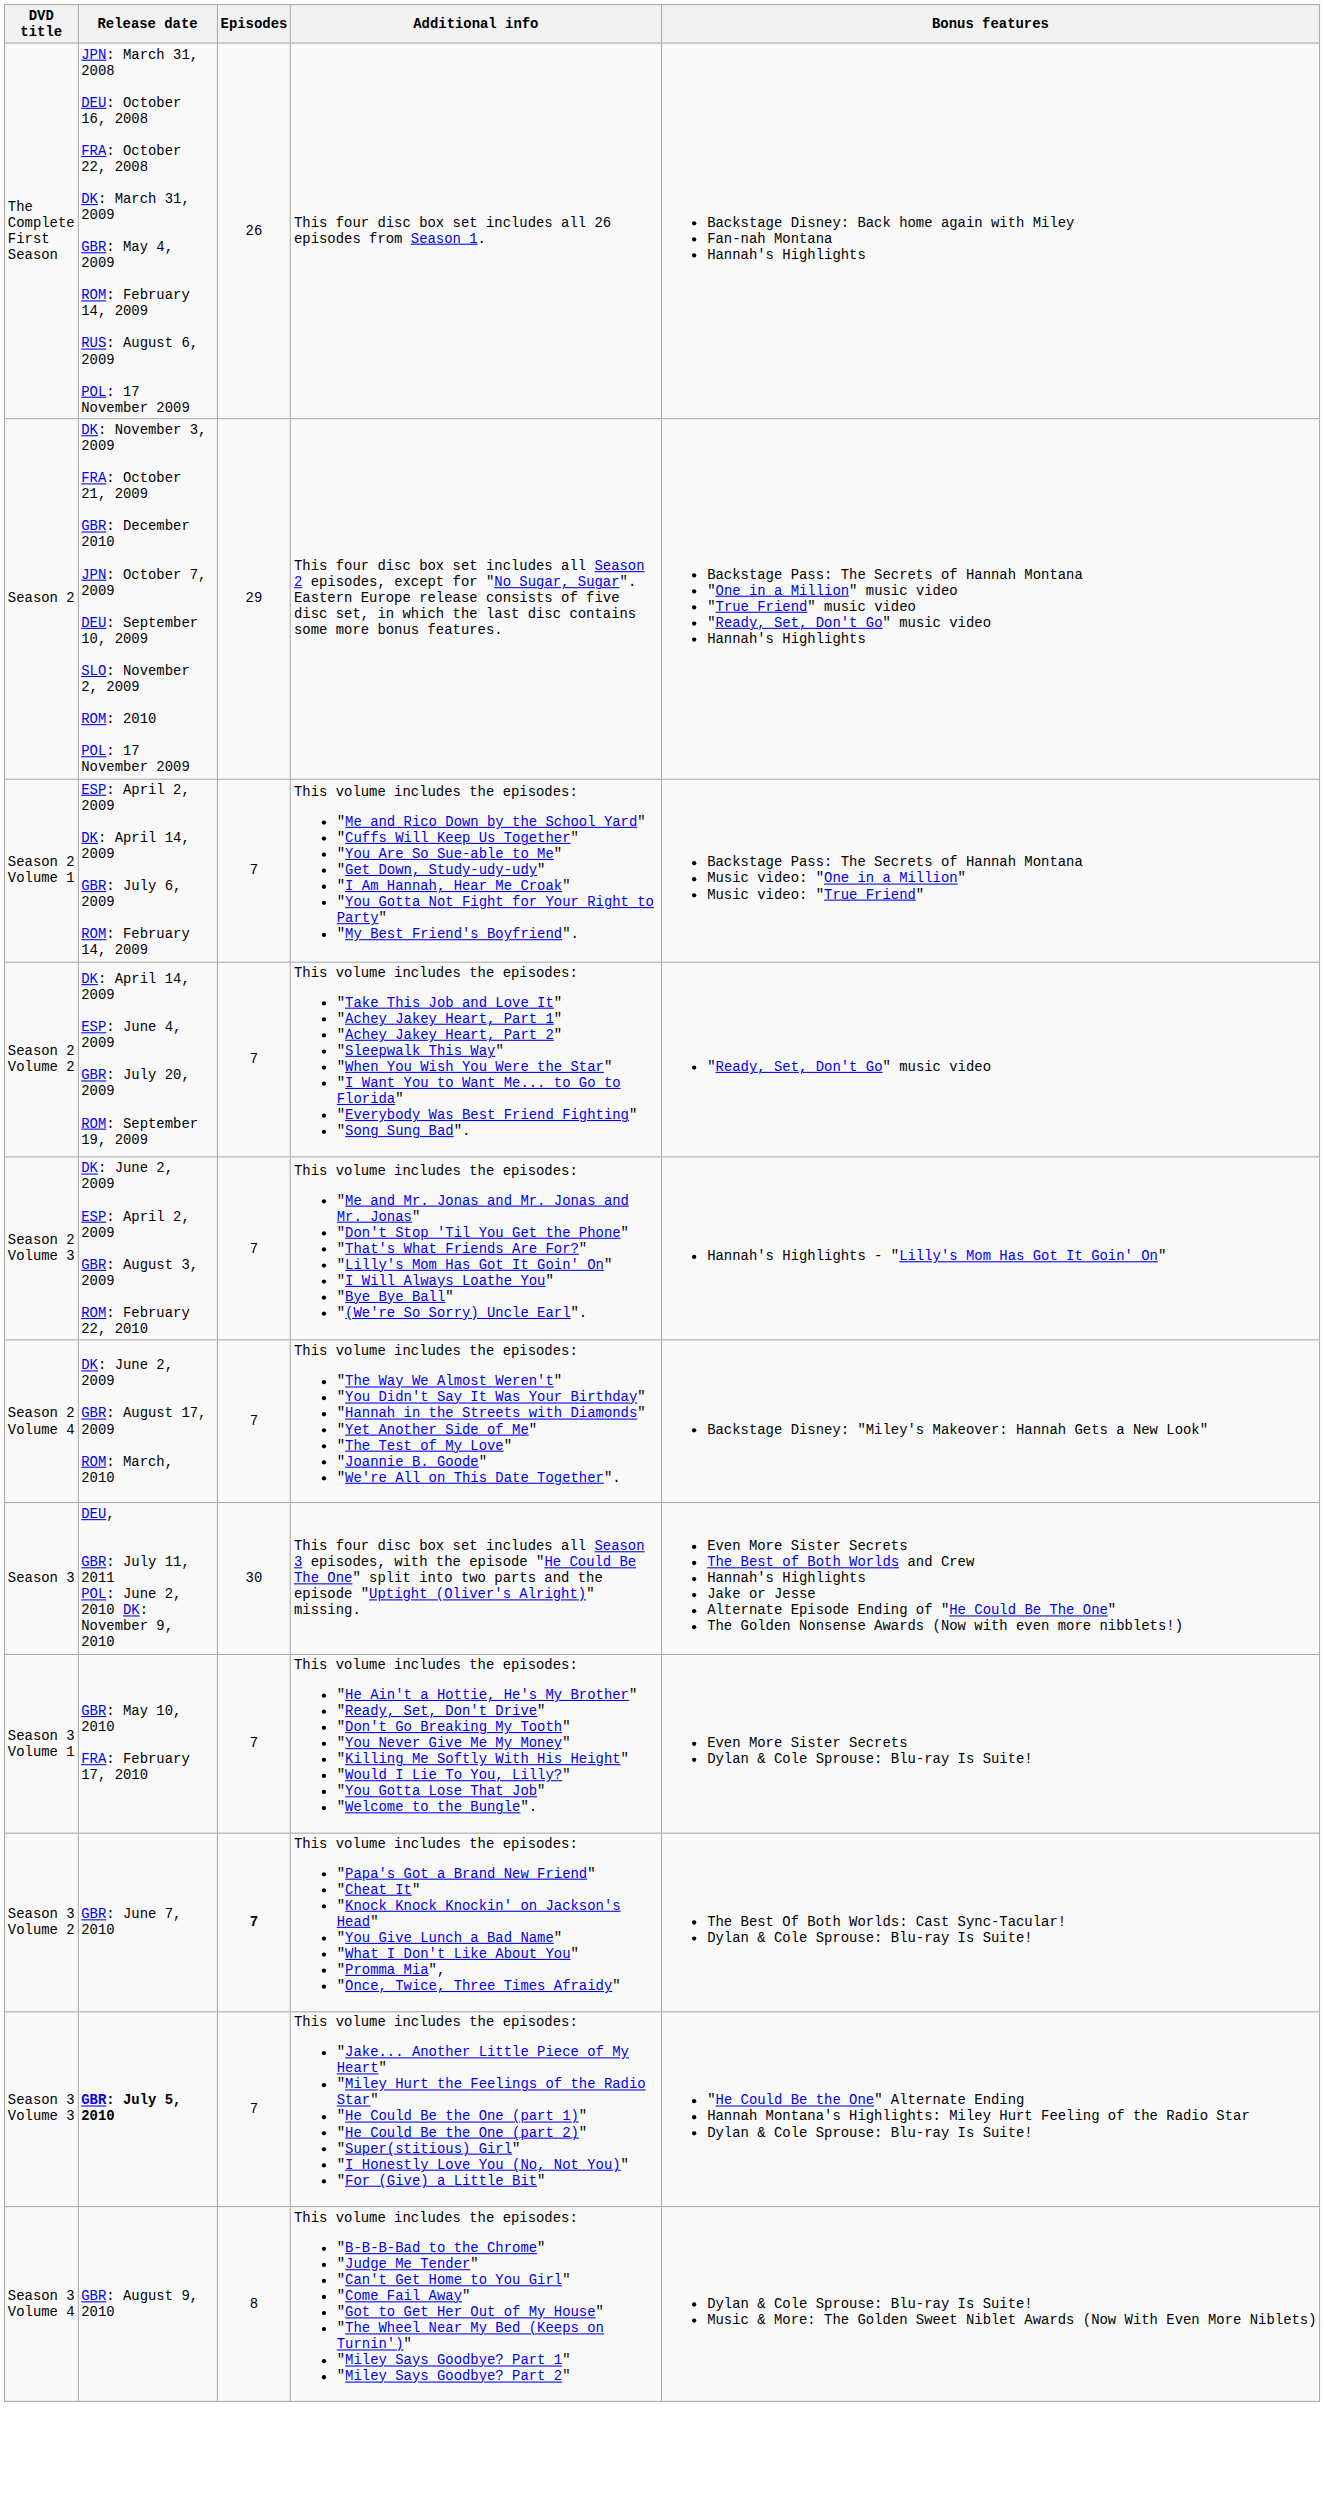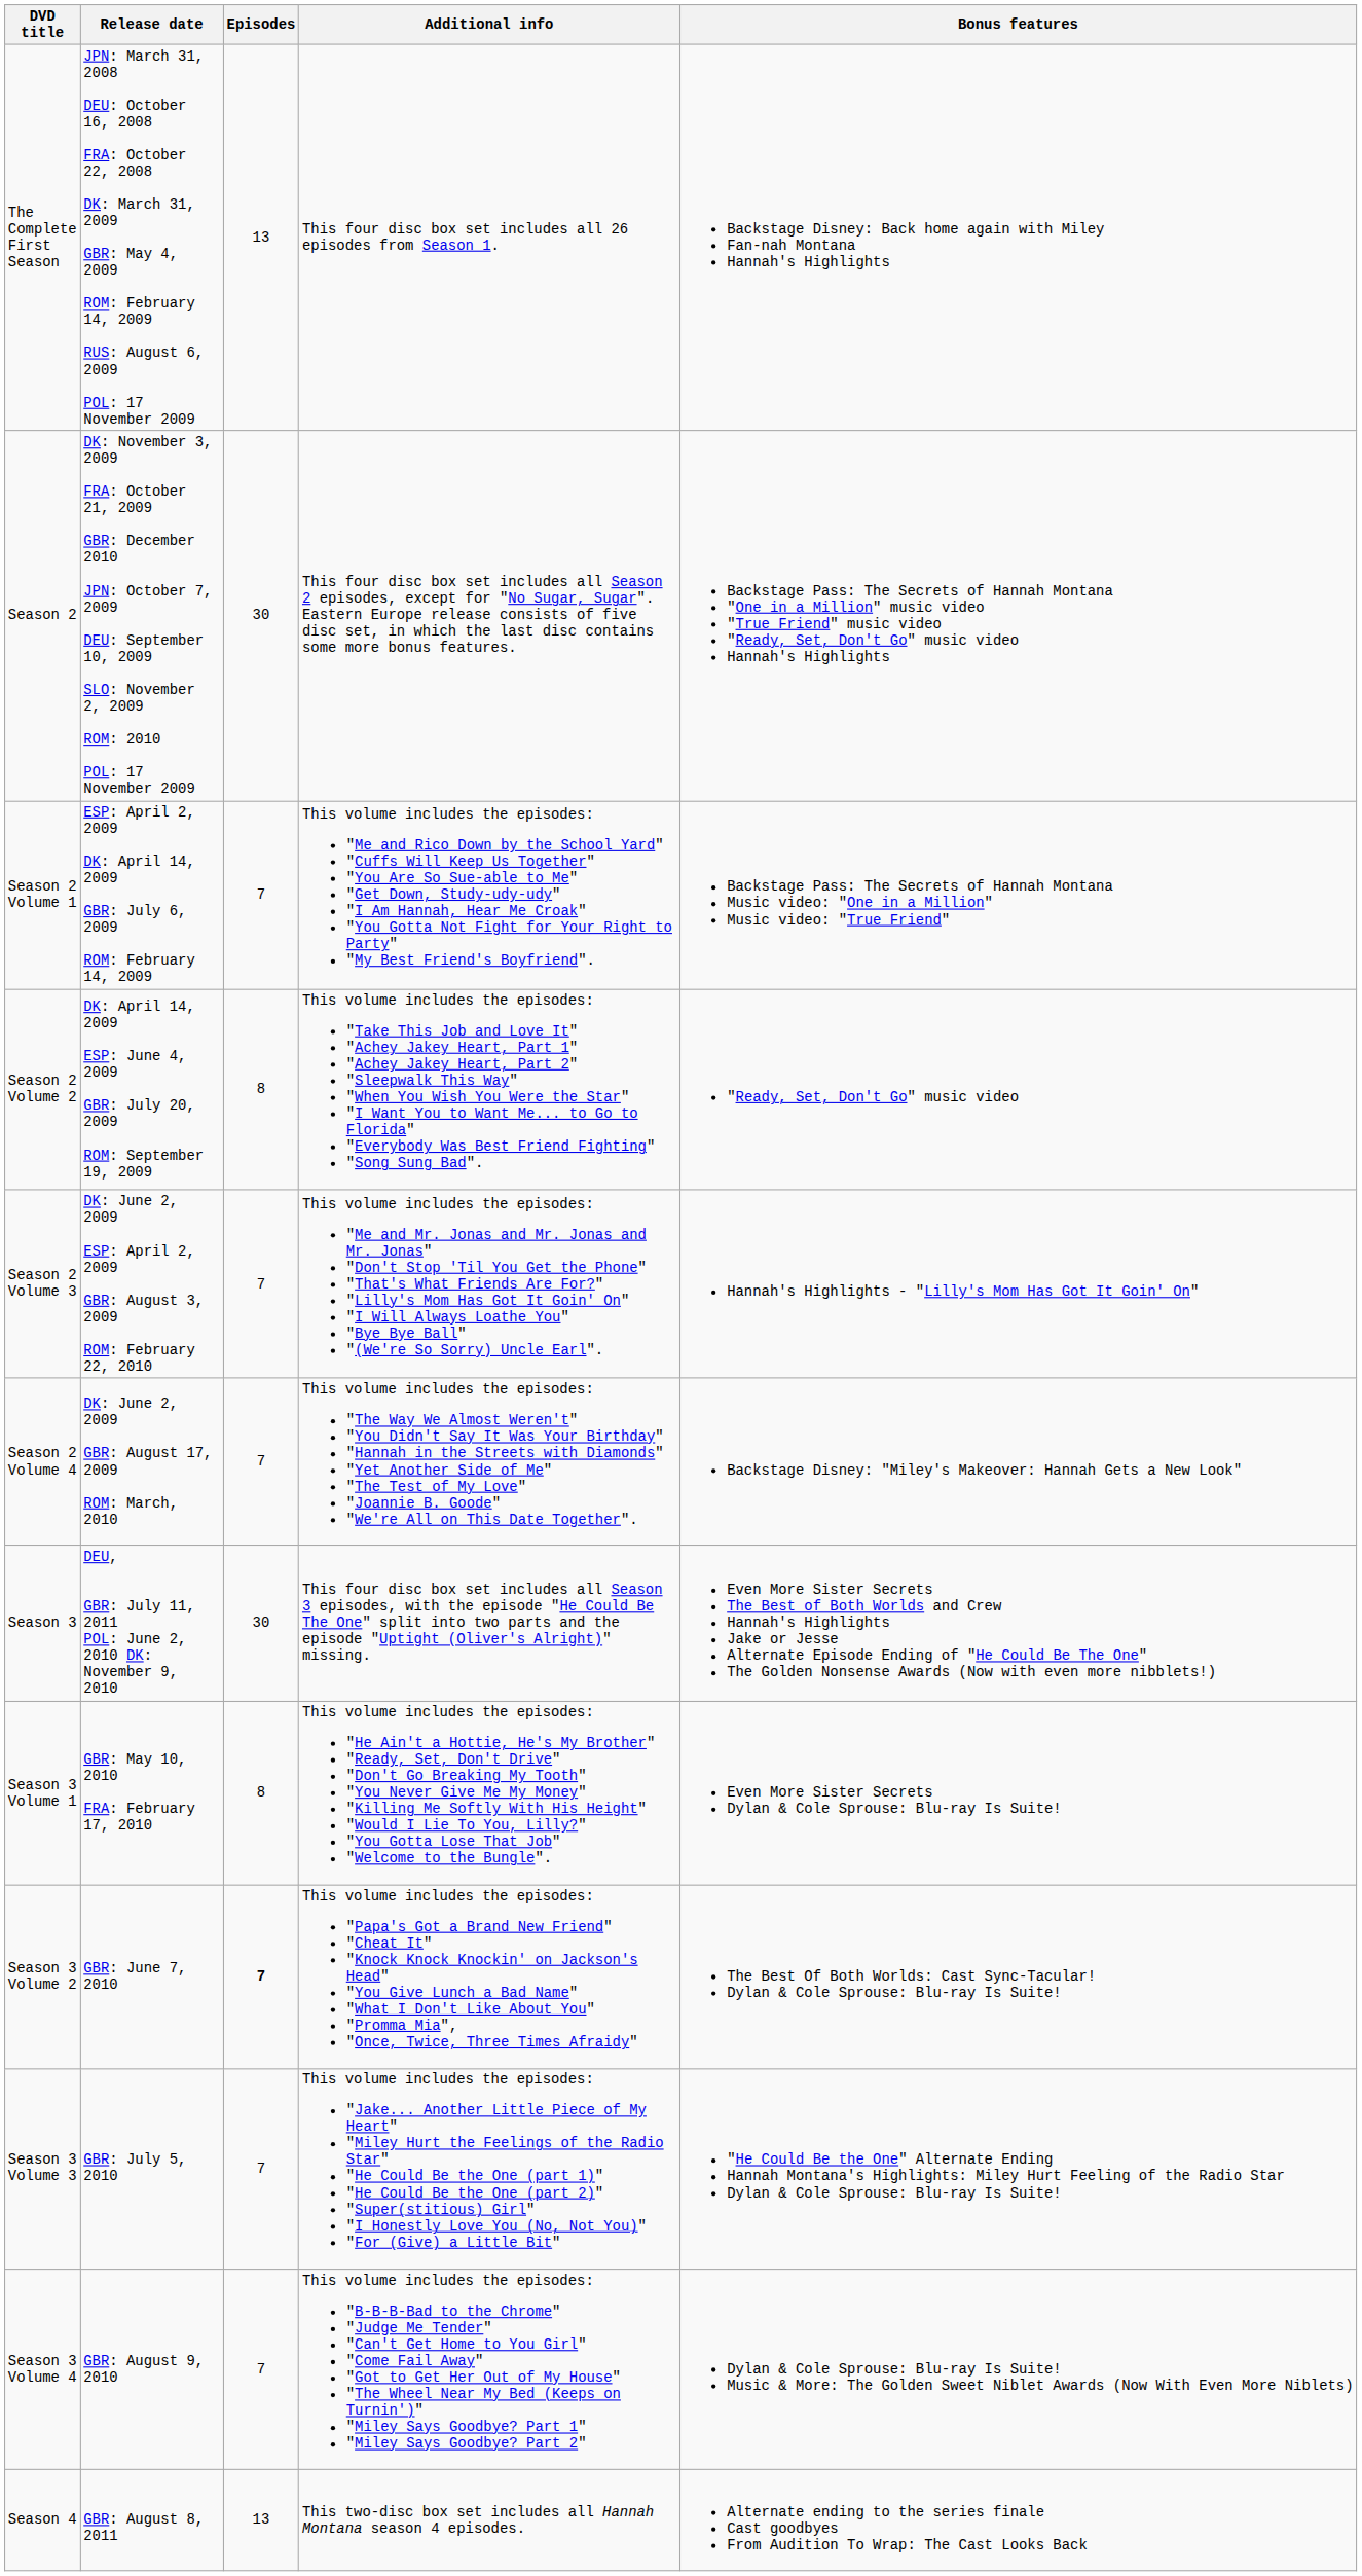 <table class="wikitable">
 <tr>
 <th style="width:60px">DVD title</th>
 <th style="width:124px">Release date</th>
 <th>Episodes</th>
 <th style="width:340px">Additional info</th>
 <th>Bonus features</th>
 </tr>
 <tr>
 <td>The Complete First Season</td>
 <td><a href='#'>JPN</a>: March 31, 2008<br><br><a href='#'>DEU</a>: October 16, 2008<br><br><a href='#'>FRA</a>: October 22, 2008<br><br><a href='#'>DK</a>: March 31, 2009<br><br><a href='#'>GBR</a>: May 4, 2009<br><br><a href='#'>ROM</a>: February 14, 2009<br><br><a href='#'>RUS</a>: August 6, 2009<br><br><a href='#'>POL</a>: 17 November 2009</td>
-<td style="text-align:center;">26</td>
+<td style="text-align:center;">13</td>
 <td>This four disc box set includes all 26 episodes from <a href='#'>Season 1</a>.</td>
 <td><br><ul><li>Backstage Disney: Back home again with Miley</li><li>Fan-nah Montana</li><li>Hannah's Highlights</li></ul></td>
 </tr>
 <tr>
 <td>Season 2</td>
 <td><a href='#'>DK</a>: November 3, 2009<br><br><a href='#'>FRA</a>: October 21, 2009<br><br><a href='#'>GBR</a>: December 2010<br><br><a href='#'>JPN</a>: October 7, 2009<br><br><a href='#'>DEU</a>: September 10, 2009<br><br><a href='#'>SLO</a>: November 2, 2009<br><br><a href='#'>ROM</a>: 2010<br><br><a href='#'>POL</a>: 17 November 2009</td>
-<td style="text-align:center;">29</td>
+<td style="text-align:center;">30</td>
 <td>This four disc box set includes all <a href='#'>Season 2</a> episodes, except for "<a href='#'>No Sugar, Sugar</a>". Eastern Europe release consists of five disc set, in which the last disc contains some more bonus features.</td>
 <td><br><ul><li>Backstage Pass: The Secrets of Hannah Montana</li><li>"<a href='#'>One in a Million</a>" music video</li><li>"<a href='#'>True Friend</a>" music video</li><li>"<a href='#'>Ready, Set, Don't Go</a>" music video</li><li>Hannah's Highlights</li></ul></td>
 </tr>
 <tr>
 <td>Season 2 Volume 1</td>
 <td><a href='#'>ESP</a>: April 2, 2009<br><br><a href='#'>DK</a>: April 14, 2009<br><br><a href='#'>GBR</a>: July 6, 2009<br><br><a href='#'>ROM</a>: February 14, 2009</td>
 <td style="text-align:center;">7</td>
 <td>This volume includes the episodes:<br><ul><li>"<a href='#'>Me and Rico Down by the School Yard</a>"</li><li>"<a href='#'>Cuffs Will Keep Us Together</a>"</li><li>"<a href='#'>You Are So Sue-able to Me</a>"</li><li>"<a href='#'>Get Down, Study-udy-udy</a>"</li><li>"<a href='#'>I Am Hannah, Hear Me Croak</a>"</li><li>"<a href='#'>You Gotta Not Fight for Your Right to Party</a>"</li><li>"<a href='#'>My Best Friend's Boyfriend</a>".</li></ul></td>
 <td><br><ul><li>Backstage Pass: The Secrets of Hannah Montana</li><li>Music video: "<a href='#'>One in a Million</a>"</li><li>Music video: "<a href='#'>True Friend</a>"</li></ul></td>
 </tr>
 <tr>
 <td>Season 2 Volume 2</td>
 <td><a href='#'>DK</a>: April 14, 2009<br><br><a href='#'>ESP</a>: June 4, 2009<br><br><a href='#'>GBR</a>: July 20, 2009<br><br><a href='#'>ROM</a>: September 19, 2009</td>
-<td style="text-align:center;">7</td>
+<td style="text-align:center;">8</td>
 <td>This volume includes the episodes:<br><ul><li>"<a href='#'>Take This Job and Love It</a>"</li><li>"<a href='#'>Achey Jakey Heart, Part 1</a>"</li><li>"<a href='#'>Achey Jakey Heart, Part 2</a>"</li><li>"<a href='#'>Sleepwalk This Way</a>"</li><li>"<a href='#'>When You Wish You Were the Star</a>"</li><li>"<a href='#'>I Want You to Want Me... to Go to Florida</a>"</li><li>"<a href='#'>Everybody Was Best Friend Fighting</a>"</li><li>"<a href='#'>Song Sung Bad</a>".</li></ul></td>
 <td><br><ul><li>"<a href='#'>Ready, Set, Don't Go</a>" music video</li></ul></td>
 </tr>
 <tr>
 <td>Season 2 Volume 3</td>
 <td><a href='#'>DK</a>: June 2, 2009<br><br><a href='#'>ESP</a>: April 2, 2009<br><br><a href='#'>GBR</a>: August 3, 2009<br><br><a href='#'>ROM</a>: February 22, 2010</td>
 <td style="text-align:center;">7</td>
 <td>This volume includes the episodes:<br><ul><li>"<a href='#'>Me and Mr. Jonas and Mr. Jonas and Mr. Jonas</a>"</li><li>"<a href='#'>Don't Stop 'Til You Get the Phone</a>"</li><li>"<a href='#'>That's What Friends Are For?</a>"</li><li>"<a href='#'>Lilly's Mom Has Got It Goin' On</a>"</li><li>"<a href='#'>I Will Always Loathe You</a>"</li><li>"<a href='#'>Bye Bye Ball</a>"</li><li>"<a href='#'>(We're So Sorry) Uncle Earl</a>".</li></ul></td>
 <td><br><ul><li>Hannah's Highlights - "<a href='#'>Lilly's Mom Has Got It Goin' On</a>"</li></ul></td>
 </tr>
 <tr>
 <td>Season 2 Volume 4</td>
 <td><a href='#'>DK</a>: June 2, 2009<br><br><a href='#'>GBR</a>: August 17, 2009<br><br><a href='#'>ROM</a>: March, 2010</td>
 <td style="text-align:center;">7</td>
 <td>This volume includes the episodes:<br><ul><li>"<a href='#'>The Way We Almost Weren't</a>"</li><li>"<a href='#'>You Didn't Say It Was Your Birthday</a>"</li><li>"<a href='#'>Hannah in the Streets with Diamonds</a>"</li><li>"<a href='#'>Yet Another Side of Me</a>"</li><li>"<a href='#'>The Test of My Love</a>"</li><li>"<a href='#'>Joannie B. Goode</a>"</li><li>"<a href='#'>We're All on This Date Together</a>".</li></ul></td>
 <td><br><ul><li>Backstage Disney: "Miley's Makeover: Hannah Gets a New Look"</li></ul></td>
 </tr>
 <tr>
 <td>Season 3</td>
 <td><a href='#'>DEU</a>,<br><br><br><a href='#'>GBR</a>: July 11, 2011<br><a href='#'>POL</a>: June 2, 2010 <a href='#'>DK</a>: November 9, 2010</td>
 <td style="text-align:center;">30</td>
 <td>This four disc box set includes all <a href='#'>Season 3</a> episodes, with the episode "<a href='#'>He Could Be The One</a>" split into two parts and the episode "<a href='#'>Uptight (Oliver's Alright)</a>" missing.</td>
 <td><br><ul><li>Even More Sister Secrets</li><li><a href='#'>The Best of Both Worlds</a> and Crew</li><li>Hannah's Highlights</li><li>Jake or Jesse</li><li>Alternate Episode Ending of "<a href='#'>He Could Be The One</a>"</li><li>The Golden Nonsense Awards (Now with even more nibblets!)</li></ul></td>
 </tr>
 <tr>
 <td>Season 3 Volume 1</td>
 <td><a href='#'>GBR</a>: May 10, 2010<br><br><a href='#'>FRA</a>: February 17, 2010</td>
-<td style="text-align:center;">7</td>
+<td style="text-align:center;">8</td>
 <td>This volume includes the episodes:<br><ul><li>"<a href='#'>He Ain't a Hottie, He's My Brother</a>"</li><li>"<a href='#'>Ready, Set, Don't Drive</a>"</li><li>"<a href='#'>Don't Go Breaking My Tooth</a>"</li><li>"<a href='#'>You Never Give Me My Money</a>"</li><li>"<a href='#'>Killing Me Softly With His Height</a>"</li><li>"<a href='#'>Would I Lie To You, Lilly?</a>"</li><li>"<a href='#'>You Gotta Lose That Job</a>"</li><li>"<a href='#'>Welcome to the Bungle</a>".</li></ul></td>
 <td><br><ul><li>Even More Sister Secrets</li><li>Dylan & Cole Sprouse: Blu-ray Is Suite!</li></ul></td>
 </tr>
 <tr>
 <td>Season 3 Volume 2</td>
 <td><a href='#'>GBR</a>: June 7, 2010</td>
 <td style="text-align:center;"><strong>7</strong></td>
 <td>This volume includes the episodes:<br><ul><li>"<a href='#'>Papa's Got a Brand New Friend</a>"</li><li>"<a href='#'>Cheat It</a>"</li><li>"<a href='#'>Knock Knock Knockin' on Jackson's Head</a>"</li><li>"<a href='#'>You Give Lunch a Bad Name</a>"</li><li>"<a href='#'>What I Don't Like About You</a>"</li><li>"<a href='#'>Promma Mia</a>",</li><li>"<a href='#'>Once, Twice, Three Times Afraidy</a>"</li></ul></td>
 <td><br><ul><li>The Best Of Both Worlds: Cast Sync-Tacular!</li><li>Dylan & Cole Sprouse: Blu-ray Is Suite!</li></ul></td>
 </tr>
 <tr>
 <td>Season 3 Volume 3</td>
-<td><strong><a href='#'>GBR</a>: July 5, 2010</strong></td>
+<td><a href='#'>GBR</a>: July 5, 2010</td>
 <td style="text-align:center;">7</td>
 <td>This volume includes the episodes:<br><ul><li>"<a href='#'>Jake... Another Little Piece of My Heart</a>"</li><li>"<a href='#'>Miley Hurt the Feelings of the Radio Star</a>"</li><li>"<a href='#'>He Could Be the One (part 1)</a>"</li><li>"<a href='#'>He Could Be the One (part 2)</a>"</li><li>"<a href='#'>Super(stitious) Girl</a>"</li><li>"<a href='#'>I Honestly Love You (No, Not You)</a>"</li><li>"<a href='#'>For (Give) a Little Bit</a>"</li></ul></td>
 <td><br><ul><li>"<a href='#'>He Could Be the One</a>" Alternate Ending</li><li>Hannah Montana's Highlights: Miley Hurt Feeling of the Radio Star</li><li>Dylan & Cole Sprouse: Blu-ray Is Suite!</li></ul></td>
 </tr>
 <tr>
 <td>Season 3 Volume 4</td>
 <td><a href='#'>GBR</a>: August 9, 2010</td>
-<td style="text-align:center;">8</td>
+<td style="text-align:center;">7</td>
 <td>This volume includes the episodes:<br><ul><li>"<a href='#'>B-B-B-Bad to the Chrome</a>"</li><li>"<a href='#'>Judge Me Tender</a>"</li><li>"<a href='#'>Can't Get Home to You Girl</a>"</li><li>"<a href='#'>Come Fail Away</a>"</li><li>"<a href='#'>Got to Get Her Out of My House</a>"</li><li>"<a href='#'>The Wheel Near My Bed (Keeps on Turnin')</a>"</li><li>"<a href='#'>Miley Says Goodbye? Part 1</a>"</li><li>"<a href='#'>Miley Says Goodbye? Part 2</a>"</li></ul></td>
 <td><br><ul><li>Dylan & Cole Sprouse: Blu-ray Is Suite!</li><li>Music & More: The Golden Sweet Niblet Awards (Now With Even More Niblets)</li></ul></td>
 </tr>
+<tr>
+<td>Season 4</td>
+<td><br><a href='#'>GBR</a>: August 8, 2011</td>
+<td style="text-align:center;">13</td>
+<td>This two-disc box set includes all <em>Hannah Montana</em> season 4 episodes.</td>
+<td><br><ul><li>Alternate ending to the series finale</li><li>Cast goodbyes</li><li>From Audition To Wrap: The Cast Looks Back</li></ul></td>
+</tr>
 </table>
